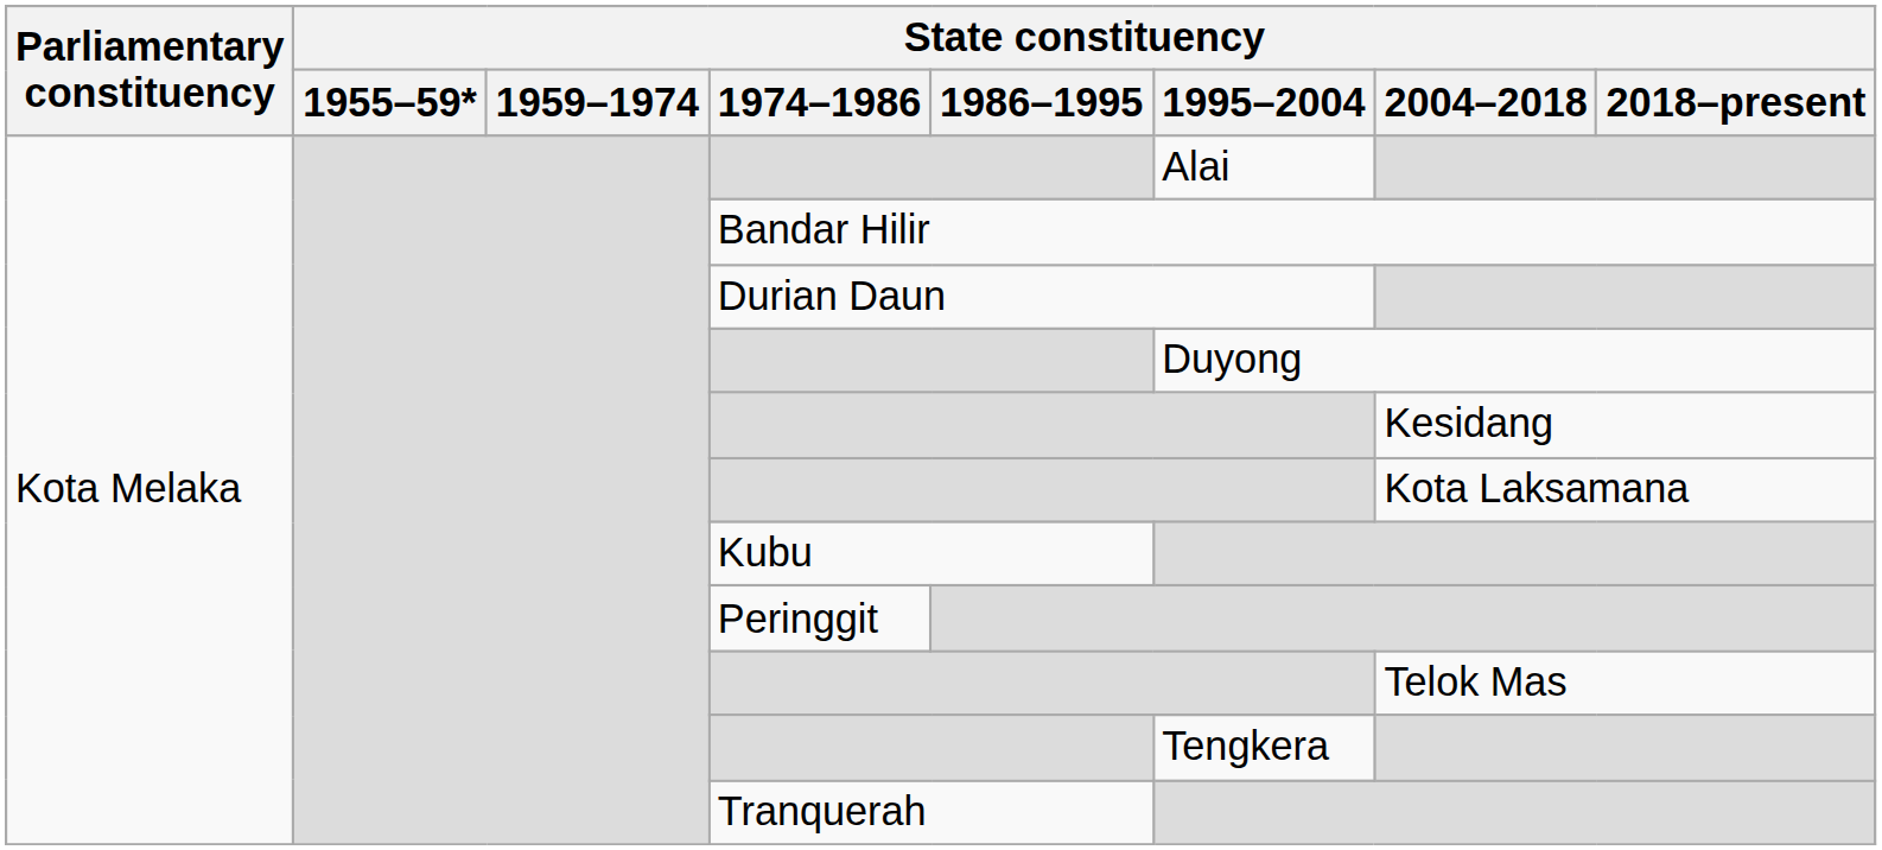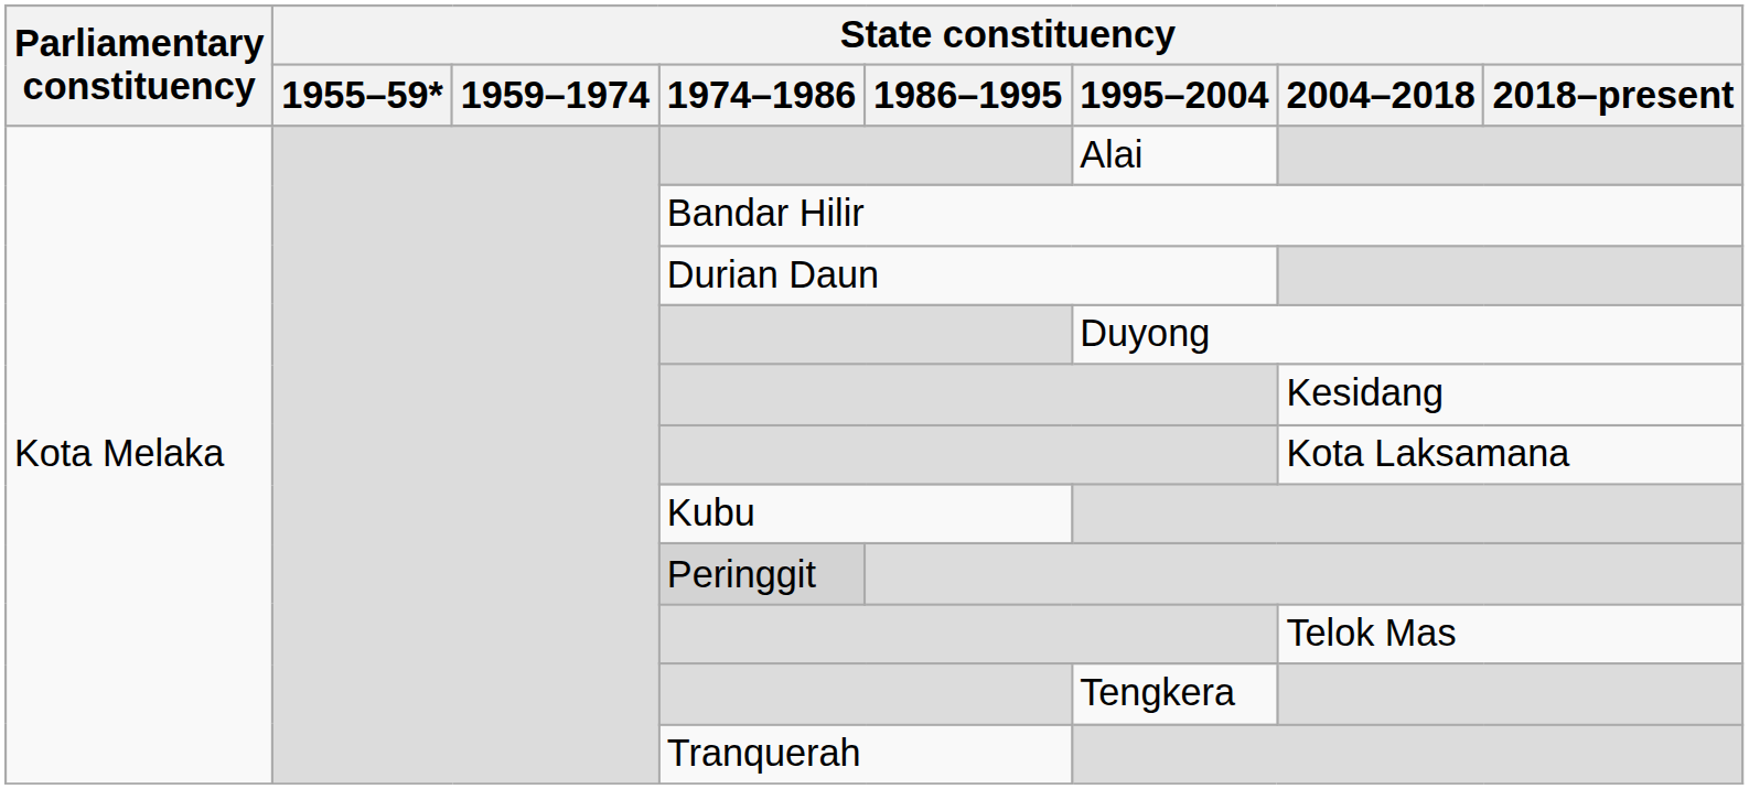 <table class="wikitable">
 <tr>
 <th rowspan="2">Parliamentary<br>constituency</th>
 <th colspan="7">State constituency</th>
 </tr>
 <tr>
 <th>1955–59*</th>
 <th>1959–1974</th>
 <th>1974–1986</th>
 <th>1986–1995</th>
 <th>1995–2004</th>
 <th>2004–2018</th>
 <th>2018–present</th>
 </tr>
 <tr>
 <td rowspan="11">Kota Melaka</td>
 <td colspan="2" rowspan="11" bgcolor="dcdcdc"></td>
 <td colspan="2" bgcolor="dcdcdc"></td>
 <td>Alai</td>
 <td colspan="2" bgcolor="dcdcdc"></td>
 </tr>
 <tr>
 <td colspan="5">Bandar Hilir</td>
 </tr>
 <tr>
 <td colspan="3">Durian Daun</td>
 <td colspan="2" bgcolor="dcdcdc"></td>
 </tr>
 <tr>
 <td colspan="2" bgcolor="dcdcdc"></td>
 <td colspan="3">Duyong</td>
 </tr>
 <tr>
 <td colspan="3" bgcolor="dcdcdc"></td>
 <td colspan="2">Kesidang</td>
 </tr>
 <tr>
 <td colspan="3" bgcolor="dcdcdc"></td>
 <td colspan="2">Kota Laksamana</td>
 </tr>
 <tr>
 <td colspan="2">Kubu</td>
 <td colspan="3" bgcolor="dcdcdc"></td>
 </tr>
 <tr>
-<td>Peringgit</td>
+<td style="background: lightgrey;">Peringgit</td>
 <td colspan="4" bgcolor="dcdcdc"></td>
 </tr>
 <tr>
 <td colspan="3" bgcolor="dcdcdc"></td>
 <td colspan="2">Telok Mas</td>
 </tr>
 <tr>
 <td colspan="2" bgcolor="dcdcdc"></td>
 <td>Tengkera</td>
 <td colspan="2" bgcolor="dcdcdc"></td>
 </tr>
 <tr>
 <td colspan="2">Tranquerah</td>
 <td colspan="3" bgcolor="dcdcdc"></td>
 </tr>
 </table>
